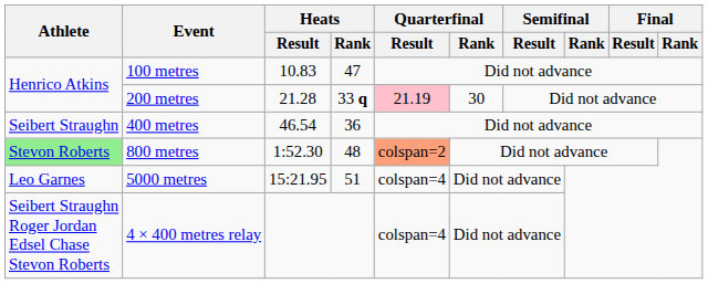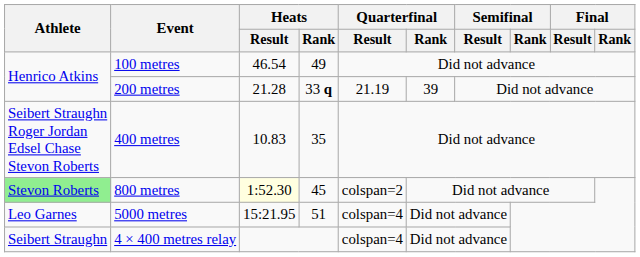 <table class="wikitable" style="font-size:90%">
 <tr>
 <th rowspan="2">Athlete</th>
 <th rowspan="2">Event</th>
 <th colspan="2">Heats</th>
 <th colspan="2">Quarterfinal</th>
 <th colspan="2">Semifinal</th>
 <th colspan="2">Final</th>
 </tr>
 <tr style="font-size:95%">
 <th>Result</th>
 <th>Rank</th>
 <th>Result</th>
 <th>Rank</th>
 <th>Result</th>
 <th>Rank</th>
 <th>Result</th>
 <th>Rank</th>
 </tr>
 <tr align=center>
 <td align=left rowspan=2><a href='#'>Henrico Atkins</a></td>
 <td align=left><a href='#'>100 metres</a></td>
-<td>10.83</td>
-<td>47</td>
+<td>46.54</td>
+<td>49</td>
 <td colspan=6>Did not advance</td>
 </tr>
 <tr align=center>
 <td align=left><a href='#'>200 metres</a></td>
 <td>21.28</td>
 <td>33 <strong>q</strong></td>
-<td style="background: pink;">21.19</td>
-<td>30</td>
+<td>21.19</td>
+<td>39</td>
 <td colspan=4>Did not advance</td>
 </tr>
 <tr align=center>
-<td align=left><a href='#'>Seibert Straughn</a></td>
+<td align=left><a href='#'>Seibert Straughn</a><br><a href='#'>Roger Jordan</a><br><a href='#'>Edsel Chase</a><br><a href='#'>Stevon Roberts</a></td>
 <td align=left><a href='#'>400 metres</a></td>
-<td>46.54</td>
-<td>36</td>
+<td>10.83</td>
+<td>35</td>
 <td colspan=6>Did not advance</td>
 </tr>
 <tr align=center>
 <td align=left style="background: lightgreen;"><a href='#'>Stevon Roberts</a></td>
 <td align=left><a href='#'>800 metres</a></td>
-<td>1:52.30</td>
-<td>48</td>
-<td style="background: lightsalmon;">colspan=2</td>
+<td style="background: lightyellow;">1:52.30</td>
+<td>45</td>
+<td>colspan=2</td>
 <td colspan=4>Did not advance</td>
 </tr>
 <tr align=center>
 <td align=left><a href='#'>Leo Garnes</a></td>
 <td align=left><a href='#'>5000 metres</a></td>
 <td>15:21.95</td>
 <td>51</td>
 <td>colspan=4</td>
 <td colspan=2>Did not advance</td>
 </tr>
 <tr align=center>
-<td align=left><a href='#'>Seibert Straughn</a><br><a href='#'>Roger Jordan</a><br><a href='#'>Edsel Chase</a><br><a href='#'>Stevon Roberts</a></td>
+<td align=left><a href='#'>Seibert Straughn</a></td>
 <td align=left><a href='#'>4 × 400 metres relay</a></td>
 <td colspan=2></td>
 <td>colspan=4</td>
 <td colspan=2>Did not advance</td>
 </tr>
 </table>
